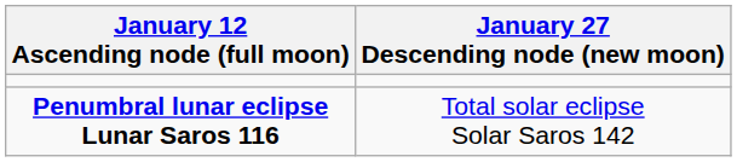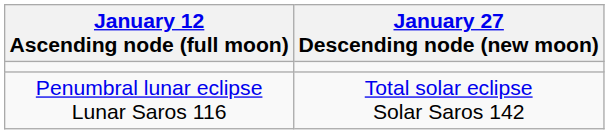 <table class="wikitable">
 <tr>
 <th><a href='#'>January 12</a><br>Ascending node (full moon)<br></th>
 <th><a href='#'>January 27</a><br>Descending node (new moon)<br></th>
 </tr>
 <tr>
 <td></td>
 <td></td>
 </tr>
 <tr align=center>
-<td><strong><a href='#'>Penumbral lunar eclipse</a><br>Lunar Saros 116</strong></td>
+<td><a href='#'>Penumbral lunar eclipse</a><br>Lunar Saros 116</td>
 <td><a href='#'>Total solar eclipse</a><br>Solar Saros 142</td>
 </tr>
 </table>
